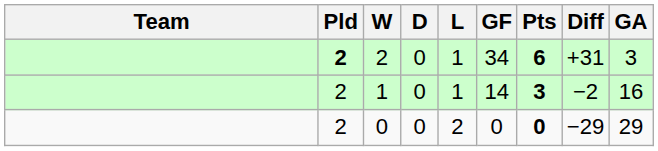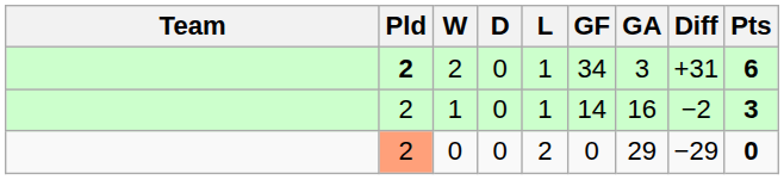 <table class="wikitable" style="text-align: center;">
 <tr>
 <th width=220>Team</th>
 <th width=20>Pld</th>
 <th width=20>W</th>
 <th width=20>D</th>
 <th width=20>L</th>
 <th width=20>GF</th>
+<th width=20>GA</th>
+<th width=20>Diff</th>
 <th width=20>Pts</th>
-<th width=20>Diff</th>
-<th width=20>GA</th>
 </tr>
 <tr bgcolor=ccffcc>
 <td align=left></td>
 <td><strong>2</strong></td>
 <td>2</td>
 <td>0</td>
 <td>1</td>
 <td>34</td>
+<td>3</td>
+<td>+31</td>
 <td><strong>6</strong></td>
-<td>+31</td>
-<td>3</td>
 </tr>
 <tr bgcolor=ccffcc>
 <td align=left></td>
 <td>2</td>
 <td>1</td>
 <td>0</td>
 <td>1</td>
 <td>14</td>
+<td>16</td>
+<td>−2</td>
 <td><strong>3</strong></td>
-<td>−2</td>
-<td>16</td>
 </tr>
 <tr>
 <td align=left></td>
-<td>2</td>
+<td style="background: lightsalmon;">2</td>
 <td>0</td>
 <td>0</td>
 <td>2</td>
 <td>0</td>
+<td>29</td>
+<td>−29</td>
 <td><strong>0</strong></td>
-<td>−29</td>
-<td>29</td>
 </tr>
 </table>
